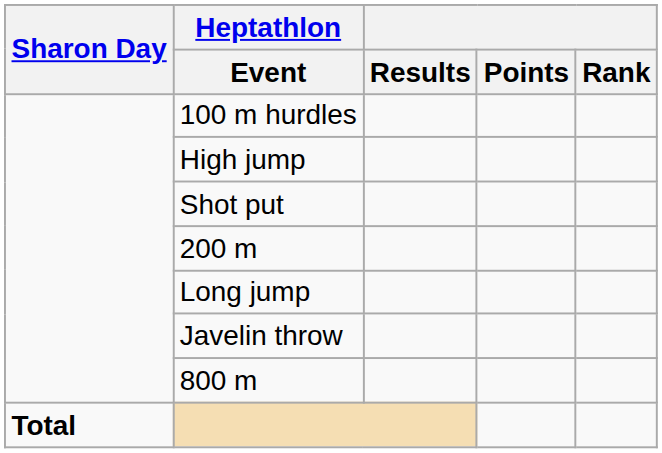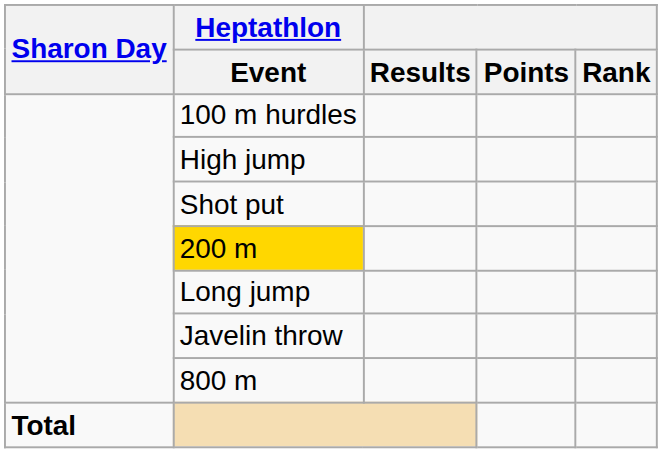 <table class=wikitable style="font-size:90%;">
 <tr>
 <th rowspan="2"><a href='#'>Sharon Day</a></th>
 <th><a href='#'>Heptathlon</a></th>
 <th colspan="3"></th>
 </tr>
 <tr>
 <th>Event</th>
 <th>Results</th>
 <th>Points</th>
 <th>Rank</th>
 </tr>
 <tr style="border-top: single;">
 <td rowspan="7"></td>
 <td>100 m hurdles</td>
 <td align=center></td>
 <td align=center></td>
 <td align=center></td>
 </tr>
 <tr>
 <td>High jump</td>
 <td align=center></td>
 <td align=center></td>
 <td align=center></td>
 </tr>
 <tr>
 <td>Shot put</td>
 <td align=center></td>
 <td align=center></td>
 <td align=center></td>
 </tr>
 <tr>
-<td>200 m</td>
+<td style="background: gold;">200 m</td>
 <td align=center></td>
 <td align=center></td>
 <td align=center></td>
 </tr>
 <tr>
 <td>Long jump</td>
 <td align=center></td>
 <td align=center></td>
 <td align=center></td>
 </tr>
 <tr>
 <td>Javelin throw</td>
 <td align=center></td>
 <td align=center></td>
 <td align=center></td>
 </tr>
 <tr>
 <td>800 m</td>
 <td align=center></td>
 <td align=center></td>
 <td align=center></td>
 </tr>
 <tr style="border-top: single;">
 <td><strong>Total</strong></td>
 <td colspan="2" style="background:wheat;"></td>
 <td align=center></td>
 <td align=center></td>
 </tr>
 </table>
